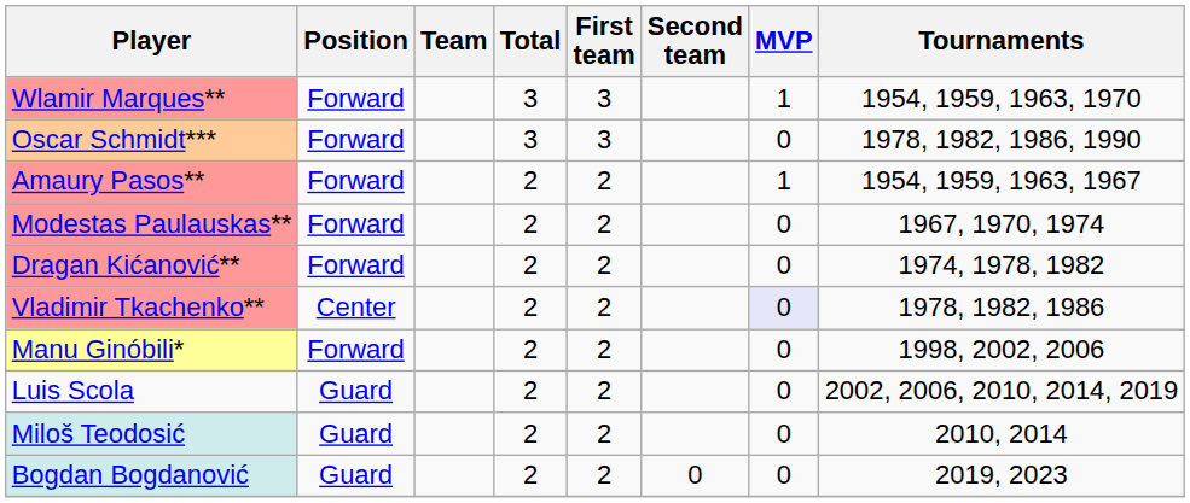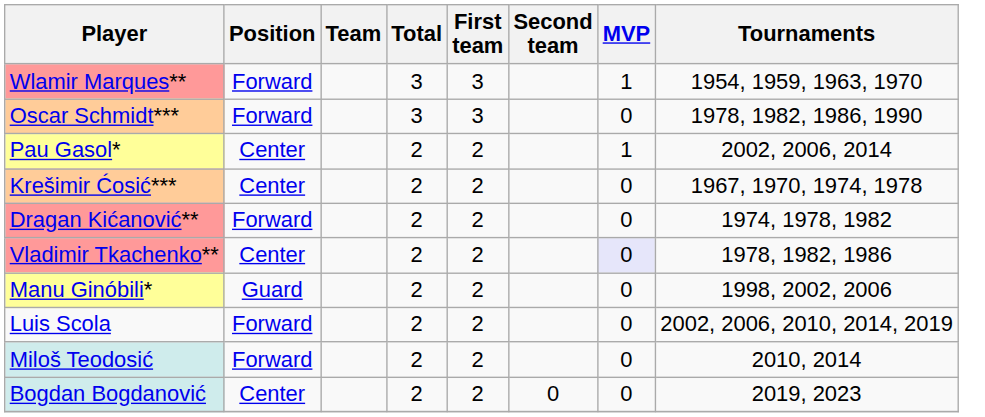 <table class="wikitable sortable">
 <tr>
 <th>Player</th>
 <th>Position</th>
 <th>Team</th>
 <th>Total</th>
 <th>First <br> team</th>
 <th>Second <br> team</th>
 <th><a href='#'>MVP</a></th>
 <th>Tournaments</th>
 </tr>
 <tr>
 <td style="background-color:#FF9999; align=left"><a href='#'>Wlamir Marques</a>**</td>
 <td align="center"><a href='#'>Forward</a></td>
 <td align="center"></td>
 <td align="center">3</td>
 <td align="center">3</td>
 <td></td>
 <td align="center">1</td>
 <td align="center">1954, 1959, 1963, 1970</td>
 </tr>
 <tr>
 <td style="background-color:#FFCC99; align=left"><a href='#'>Oscar Schmidt</a>***</td>
 <td align="center"><a href='#'>Forward</a></td>
 <td align="center"></td>
 <td align="center">3</td>
 <td align="center">3</td>
 <td></td>
 <td align="center">0</td>
 <td align="center">1978, 1982, 1986, 1990</td>
 </tr>
 <tr>
-<td style="background-color:#FF9999; align=left"><a href='#'>Amaury Pasos</a>**</td>
-<td align="center"><a href='#'>Forward</a></td>
+<td style="background-color:#FFFF99; align=left"><a href='#'>Pau Gasol</a>*</td>
+<td align="center"><a href='#'>Center</a></td>
 <td align="center"></td>
 <td align="center">2</td>
 <td align="center">2</td>
 <td></td>
 <td align="center">1</td>
-<td align="center">1954, 1959, 1963, 1967</td>
+<td align="center">2002, 2006, 2014</td>
 </tr>
 <tr>
-<td style="background-color:#FF9999; align=left"><a href='#'>Modestas Paulauskas</a>**</td>
-<td align="center"><a href='#'>Forward</a></td>
+<td style="background-color:#FFCC99; align=left"><a href='#'>Krešimir Ćosić</a>***</td>
+<td align="center"><a href='#'>Center</a></td>
 <td align="center"></td>
 <td align="center">2</td>
 <td align="center">2</td>
 <td></td>
 <td align="center">0</td>
-<td align="center">1967, 1970, 1974</td>
+<td align="center">1967, 1970, 1974, 1978</td>
 </tr>
 <tr>
 <td style="background-color:#FF9999; align=left"><a href='#'>Dragan Kićanović</a>**</td>
 <td align="center"><a href='#'>Forward</a></td>
 <td align="center"></td>
 <td align="center">2</td>
 <td align="center">2</td>
 <td></td>
 <td align="center">0</td>
 <td align="center">1974, 1978, 1982</td>
 </tr>
 <tr>
 <td style="background-color:#FF9999; align=left"><a href='#'>Vladimir Tkachenko</a>**</td>
 <td align="center"><a href='#'>Center</a></td>
 <td align="center"></td>
 <td align="center">2</td>
 <td align="center">2</td>
 <td></td>
 <td align="center" style="background: lavender;">0</td>
 <td align="center">1978, 1982, 1986</td>
 </tr>
 <tr>
 <td style="background-color:#FFFF99; align=left"><a href='#'>Manu Ginóbili</a>*</td>
-<td align="center"><a href='#'>Forward</a></td>
+<td align="center"><a href='#'>Guard</a></td>
 <td align="center"></td>
 <td align="center">2</td>
 <td align="center">2</td>
 <td></td>
 <td align="center">0</td>
 <td align="center">1998, 2002, 2006</td>
 </tr>
 <tr>
 <td align=left><a href='#'>Luis Scola</a></td>
-<td align="center"><a href='#'>Guard</a></td>
+<td align="center"><a href='#'>Forward</a></td>
 <td align="center"></td>
 <td align="center">2</td>
 <td align="center">2</td>
 <td></td>
 <td align="center">0</td>
 <td align="center">2002, 2006, 2010, 2014, 2019</td>
 </tr>
 <tr>
 <td style="background-color:#CFECEC; align=left"><a href='#'>Miloš Teodosić</a></td>
-<td align="center"><a href='#'>Guard</a></td>
+<td align="center"><a href='#'>Forward</a></td>
 <td align="center"></td>
 <td align="center">2</td>
 <td align="center">2</td>
 <td></td>
 <td align="center">0</td>
 <td align="center">2010, 2014</td>
 </tr>
 <tr>
 <td style="background-color:#CFECEC; align=left"><a href='#'>Bogdan Bogdanović</a></td>
-<td align="center"><a href='#'>Guard</a></td>
+<td align="center"><a href='#'>Center</a></td>
 <td align="center"></td>
 <td align="center">2</td>
 <td align="center">2</td>
 <td align="center">0</td>
 <td align="center">0</td>
 <td align="center">2019, 2023</td>
 </tr>
 <tr>
 </tr>
 </table>
